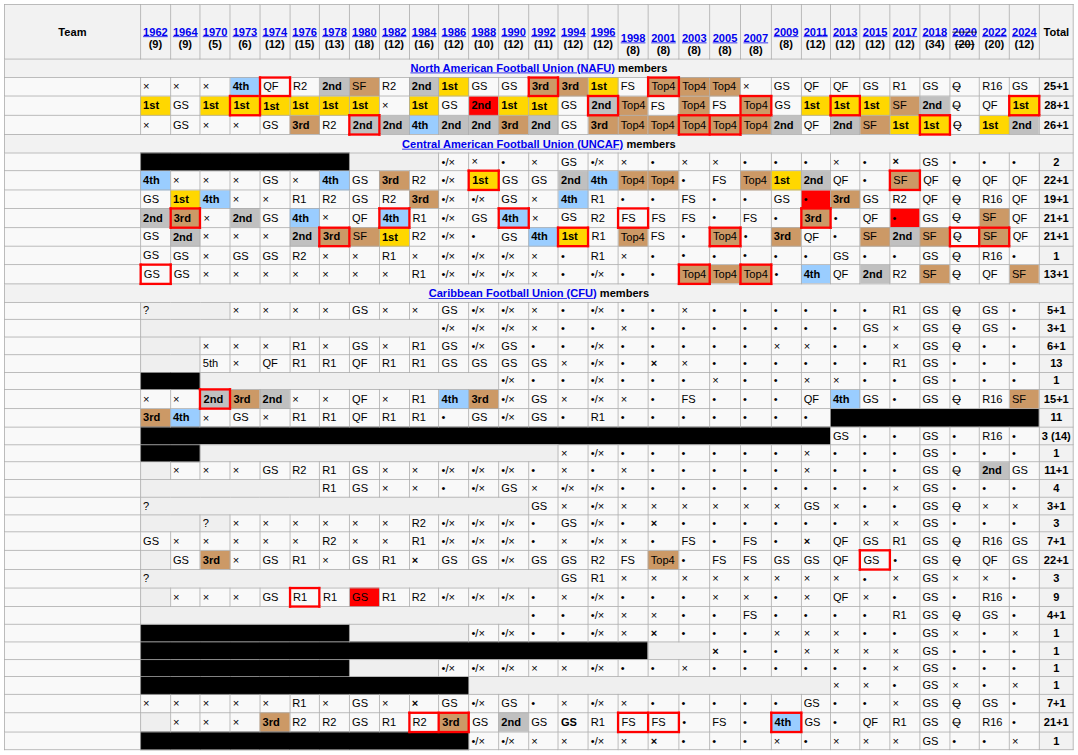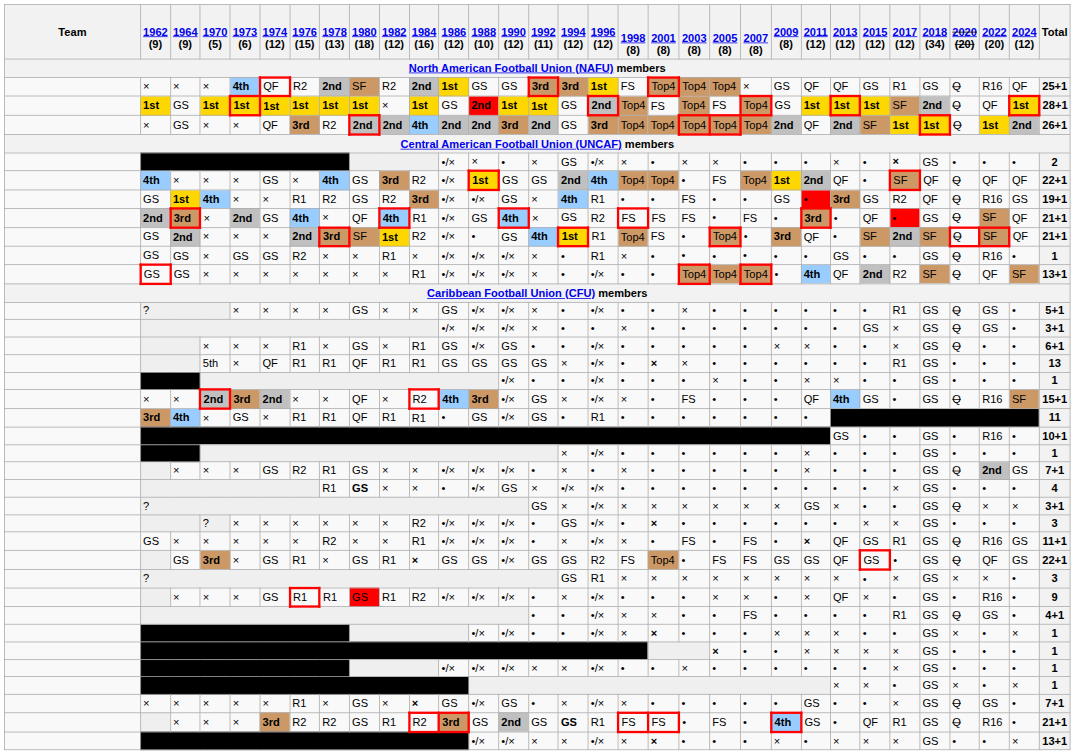 <table class="wikitable" style="font-size: 90%;">
 <tr>
 <th width=170>Team</th>
 <th><br><a href='#'>1962</a><br>(9)</th>
 <th><br><a href='#'>1964</a><br>(9)</th>
 <th><br><a href='#'>1970</a><br>(5)</th>
 <th><br><a href='#'>1973</a><br>(6)</th>
 <th><br><a href='#'>1974</a><br>(12)</th>
 <th><br><a href='#'>1976</a><br>(15)</th>
 <th><br><a href='#'>1978</a><br>(13)</th>
 <th><br><a href='#'>1980</a><br>(18)</th>
 <th><br><a href='#'>1982</a><br>(12)</th>
 <th><br><a href='#'>1984</a><br>(16)</th>
 <th><br><a href='#'>1986</a><br>(12)</th>
 <th><br><a href='#'>1988</a><br>(10)</th>
 <th><br><a href='#'>1990</a><br>(12)</th>
 <th><br><a href='#'>1992</a><br>(11)</th>
 <th><br><a href='#'>1994</a><br>(12)</th>
 <th><br><a href='#'>1996</a><br>(12)</th>
 <th><br><br><a href='#'>1998</a><br>(8)</th>
 <th><br><br><a href='#'>2001</a><br>(8)</th>
 <th><br><br><a href='#'>2003</a><br>(8)</th>
 <th><br><br><a href='#'>2005</a><br>(8)</th>
 <th><br><br><a href='#'>2007</a><br>(8)</th>
 <th><br><a href='#'>2009</a><br>(8)</th>
 <th><br><a href='#'>2011</a><br>(12)</th>
 <th><br><a href='#'>2013</a><br>(12)</th>
 <th><br><a href='#'>2015</a><br>(12)</th>
 <th><br><a href='#'>2017</a><br>(12)</th>
 <th><br><a href='#'>2018</a><br>(34)</th>
 <th><br><s><a href='#'>2020</a></s><br><s>(20)</s></th>
 <th><br><a href='#'>2022</a><br>(20)</th>
 <th><br><a href='#'>2024</a><br>(12)</th>
 <th>Total</th>
 </tr>
 <tr>
 <th id=NAFU colspan=32><a href='#'>North American Football Union (NAFU)</a> members</th>
 </tr>
 <tr>
 <td align=left></td>
 <td>×</td>
 <td>×</td>
 <td>×</td>
 <td bgcolor=9acdff><strong>4th</strong></td>
 <td style="border: 3px solid red">QF</td>
 <td>R2</td>
 <td bgcolor=silver><strong>2nd</strong></td>
 <td bgcolor=cc9966>SF</td>
 <td>R2</td>
 <td bgcolor=silver><strong>2nd</strong></td>
 <td bgcolor=gold><strong>1st</strong></td>
 <td>GS</td>
 <td>GS</td>
 <td style="border: 3px solid red"  bgcolor=cc9966><strong>3rd</strong></td>
 <td bgcolor=cc9966><strong>3rd</strong></td>
 <td bgcolor=gold><strong>1st</strong></td>
 <td>FS</td>
 <td style="border: 3px solid red"  bgcolor=cc9966>Top4</td>
 <td bgcolor=cc9966>Top4</td>
 <td bgcolor=cc9966>Top4</td>
 <td>×</td>
 <td>GS</td>
 <td>QF</td>
 <td>QF</td>
 <td>GS</td>
 <td>R1</td>
 <td>GS</td>
 <td><s>Q</s></td>
 <td>R16</td>
-<td>GS</td>
+<td>QF</td>
 <th>25+1</th>
 </tr>
 <tr>
 <td align=left></td>
 <td bgcolor=gold><strong>1st</strong></td>
 <td>GS</td>
 <td bgcolor=gold><strong>1st</strong></td>
 <td style="border: 3px solid red" bgcolor=gold><strong>1st</strong></td>
 <td bgcolor=gold><strong>1st</strong></td>
 <td bgcolor=gold><strong>1st</strong></td>
 <td bgcolor=gold><strong>1st</strong></td>
 <td bgcolor=gold><strong>1st</strong></td>
 <td>×</td>
 <td bgcolor=gold><strong>1st</strong></td>
 <td>GS</td>
 <td bgcolor=red><strong>2nd</strong></td>
 <td bgcolor=gold><strong>1st</strong></td>
 <td bgcolor=gold><strong>1st</strong></td>
 <td>GS</td>
 <td style="border: 3px solid red" bgcolor=silver><strong>2nd</strong></td>
 <td bgcolor=cc9966>Top4</td>
 <td>FS</td>
 <td bgcolor=cc9966>Top4</td>
 <td>FS</td>
 <td style="border: 3px solid red" bgcolor=cc9966>Top4</td>
 <td>GS</td>
 <td bgcolor=gold><strong>1st</strong></td>
 <td style="border: 3px solid red"  bgcolor=gold><strong>1st</strong></td>
 <td bgcolor=gold><strong>1st</strong></td>
 <td bgcolor=cc9966>SF</td>
 <td bgcolor=silver><strong>2nd</strong></td>
 <td><s>Q</s></td>
 <td>QF</td>
 <td style="border: 3px solid red" bgcolor=gold><strong>1st</strong></td>
 <th>28+1</th>
 </tr>
 <tr>
 <td align=left></td>
 <td>×</td>
 <td>GS</td>
 <td>×</td>
 <td>×</td>
-<td>GS</td>
+<td>QF</td>
 <td bgcolor=cc9966><strong>3rd</strong></td>
 <td>R2</td>
 <td style="border: 3px solid red" bgcolor=silver><strong>2nd</strong></td>
 <td bgcolor=silver><strong>2nd</strong></td>
 <td bgcolor=9acdff><strong>4th</strong></td>
 <td bgcolor=silver><strong>2nd</strong></td>
 <td bgcolor=silver><strong>2nd</strong></td>
 <td bgcolor=cc9966><strong>3rd</strong></td>
 <td bgcolor=silver><strong>2nd</strong></td>
 <td>GS</td>
 <td bgcolor=cc9966><strong>3rd</strong></td>
 <td bgcolor=cc9966>Top4</td>
 <td bgcolor=cc9966>Top4</td>
 <td style="border: 3px solid red" bgcolor=cc9966>Top4</td>
 <td style="border: 3px solid red" bgcolor=cc9966>Top4</td>
 <td bgcolor=cc9966>Top4</td>
 <td bgcolor=silver><strong>2nd</strong></td>
 <td>QF</td>
 <td bgcolor=silver><strong>2nd</strong></td>
 <td bgcolor=cc9966>SF</td>
 <td bgcolor=gold><strong>1st</strong></td>
 <td style="border: 3px solid red" bgcolor=gold><strong>1st</strong></td>
 <td><s>Q</s></td>
 <td bgcolor=gold><strong>1st</strong></td>
 <td bgcolor=silver><strong>2nd</strong></td>
 <th>26+1</th>
 </tr>
 <tr>
 <th id=UNCAF colspan=32><a href='#'>Central American Football Union (UNCAF)</a> members</th>
 </tr>
 <tr>
 <td align=left></td>
 <td colspan=7 bgcolor=black></td>
 <td colspan=3 bgcolor=efefef></td>
 <td>•/×</td>
 <td>×</td>
 <td>•</td>
 <td>×</td>
 <td>GS</td>
 <td>•/×</td>
 <td>×</td>
 <td>•</td>
 <td>×</td>
 <td>×</td>
 <td>•</td>
 <td>•</td>
 <td>•</td>
 <td>×</td>
 <td>•</td>
 <td><strong>×</strong></td>
 <td>GS</td>
 <td>•</td>
 <td>•</td>
 <td>•</td>
 <th>2</th>
 </tr>
 <tr>
 <td align=left></td>
 <td bgcolor=9acdff><strong>4th</strong></td>
 <td>×</td>
 <td>×</td>
 <td>×</td>
 <td>GS</td>
 <td>×</td>
 <td bgcolor=9acdff><strong>4th</strong></td>
 <td>GS</td>
 <td bgcolor=cc9966><strong>3rd</strong></td>
 <td>R2</td>
 <td>•/×</td>
 <td style="border: 3px solid red" bgcolor=gold><strong>1st</strong></td>
 <td>GS</td>
 <td>GS</td>
 <td bgcolor=silver><strong>2nd</strong></td>
 <td bgcolor=9acdff><strong>4th</strong></td>
 <td bgcolor=cc9966>Top4</td>
 <td bgcolor=cc9966>Top4</td>
 <td>•</td>
 <td>FS</td>
 <td bgcolor=cc9966>Top4</td>
 <td bgcolor=gold><strong>1st</strong></td>
 <td bgcolor=silver><strong>2nd</strong></td>
 <td>QF</td>
 <td>•</td>
 <td style="border: 3px solid red" bgcolor=cc9966>SF</td>
 <td>QF</td>
 <td><s>Q</s></td>
 <td>QF</td>
 <td>QF</td>
 <th>22+1</th>
 </tr>
 <tr>
 <td align=left></td>
 <td>GS</td>
 <td bgcolor=gold><strong>1st</strong></td>
 <td bgcolor=9acdff><strong>4th</strong></td>
 <td>×</td>
 <td>×</td>
 <td>R1</td>
 <td>R2</td>
 <td>GS</td>
 <td>R2</td>
 <td bgcolor=cc9966><strong>3rd</strong></td>
 <td>•/×</td>
 <td>•/×</td>
 <td>GS</td>
 <td>×</td>
 <td bgcolor=9acdff><strong>4th</strong></td>
 <td>R1</td>
 <td>•</td>
 <td>•</td>
 <td>FS</td>
 <td>•</td>
 <td>•</td>
 <td>GS</td>
 <td bgcolor=red>•</td>
 <td bgcolor=cc9966><strong>3rd</strong></td>
 <td>GS</td>
 <td>R2</td>
 <td>QF</td>
 <td><s>Q</s></td>
 <td>R16</td>
-<td>QF</td>
+<td>GS</td>
 <th>19+1</th>
 </tr>
 <tr>
 <td align=left></td>
 <td bgcolor=silver><strong>2nd</strong></td>
 <td style="border: 3px solid red" bgcolor=cc9966><strong>3rd</strong></td>
 <td>×</td>
 <td bgcolor=silver><strong>2nd</strong></td>
 <td>GS</td>
 <td bgcolor=9acdff><strong>4th</strong></td>
 <td>×</td>
 <td>QF</td>
 <td style="border: 3px solid red" bgcolor=9acdff><strong>4th</strong></td>
 <td>R1</td>
 <td>•/×</td>
 <td>GS</td>
 <td style="border: 3px solid red" bgcolor=9acdff><strong>4th</strong></td>
 <td>×</td>
 <td>GS</td>
 <td>R2</td>
 <td style="border: 3px solid red">FS</td>
 <td>FS</td>
 <td>FS</td>
 <td>•</td>
 <td>FS</td>
 <td>•</td>
 <td style="border: 3px solid red" bgcolor=cc9966><strong>3rd</strong></td>
 <td>•</td>
 <td>QF</td>
 <td bgcolor=red>•</td>
 <td>GS</td>
 <td><s>Q</s></td>
 <td bgcolor=cc9966>SF</td>
 <td>QF</td>
 <th>21+1</th>
 </tr>
 <tr>
 <td align=left></td>
 <td>GS</td>
 <td bgcolor=silver><strong>2nd</strong></td>
 <td>×</td>
 <td>×</td>
 <td>×</td>
 <td bgcolor=silver><strong>2nd</strong></td>
 <td style="border: 3px solid red" bgcolor=cc9966><strong>3rd</strong></td>
 <td bgcolor=cc9966>SF</td>
 <td bgcolor=gold><strong>1st</strong></td>
 <td>R2</td>
 <td>•/×</td>
 <td>•</td>
 <td>GS</td>
 <td bgcolor=9acdff><strong>4th</strong></td>
 <td style="border: 3px solid red" bgcolor=gold><strong>1st</strong></td>
 <td>R1</td>
 <td bgcolor=cc9966>Top4</td>
 <td>FS</td>
 <td>•</td>
 <td style="border: 3px solid red" bgcolor=cc9966>Top4</td>
 <td>•</td>
 <td bgcolor=cc9966><strong>3rd</strong></td>
 <td>QF</td>
 <td>•</td>
 <td bgcolor=cc9966>SF</td>
 <td bgcolor=silver><strong>2nd</strong></td>
 <td bgcolor=cc9966>SF</td>
 <td style="border: 3px solid red"><s>Q</s></td>
 <td style="border: 3px solid red" bgcolor=cc9966>SF</td>
 <td>QF</td>
 <th>21+1</th>
 </tr>
 <tr>
 <td align=left></td>
 <td>GS</td>
 <td>GS</td>
 <td>×</td>
 <td>GS</td>
 <td>GS</td>
 <td>R2</td>
 <td>×</td>
 <td>×</td>
 <td>R1</td>
 <td>×</td>
 <td>•/×</td>
 <td>•/×</td>
 <td>•/×</td>
 <td>×</td>
 <td>•</td>
 <td>R1</td>
 <td>×</td>
 <td>•</td>
 <td>•</td>
 <td>•</td>
 <td>•</td>
 <td>•</td>
 <td>•</td>
 <td>GS</td>
 <td>•</td>
 <td>•</td>
 <td>GS</td>
 <td><s>Q</s></td>
 <td>R16</td>
 <td>•</td>
 <th>1</th>
 </tr>
 <tr>
 <td align=left></td>
 <td style="border: 3px solid red">GS</td>
 <td>GS</td>
 <td>×</td>
 <td>×</td>
 <td>×</td>
 <td>×</td>
 <td>×</td>
 <td>×</td>
 <td>×</td>
 <td>R1</td>
 <td>•/×</td>
 <td>•/×</td>
 <td>•/×</td>
 <td>×</td>
 <td>•</td>
 <td>•/×</td>
 <td>•</td>
 <td>•</td>
 <td style="border: 3px solid red" bgcolor=cc9966>Top4</td>
 <td bgcolor=cc9966>Top4</td>
 <td style="border: 3px solid red" bgcolor=cc9966>Top4</td>
 <td>•</td>
 <td bgcolor=9acdff><strong>4th</strong></td>
 <td>QF</td>
 <td bgcolor=silver><strong>2nd</strong></td>
 <td>R2</td>
 <td bgcolor=cc9966>SF</td>
 <td><s>Q</s></td>
 <td>QF</td>
 <td bgcolor=cc9966>SF</td>
 <th>13+1</th>
 </tr>
 <tr>
 <th id=CFU colspan=32><a href='#'>Caribbean Football Union (CFU)</a> members</th>
 </tr>
 <tr>
 <td align=left></td>
 <td colspan=3 bgcolor=efefef>?</td>
 <td>×</td>
 <td>×</td>
 <td>×</td>
 <td>×</td>
 <td>GS</td>
 <td>×</td>
 <td>×</td>
 <td>GS</td>
 <td>•/×</td>
 <td>•/×</td>
 <td>×</td>
 <td>•</td>
 <td>•/×</td>
 <td>•</td>
 <td>•</td>
 <td>×</td>
 <td>•</td>
 <td>•</td>
 <td>•</td>
 <td>•</td>
 <td>•</td>
 <td>•</td>
 <td>R1</td>
 <td>GS</td>
 <td><s>Q</s></td>
 <td>GS</td>
 <td>•</td>
 <th>5+1</th>
 </tr>
 <tr>
 <td align=left></td>
 <td colspan=10 bgcolor=efefef></td>
 <td>•/×</td>
 <td>•/×</td>
 <td>•/×</td>
 <td>×</td>
 <td>•</td>
 <td>•</td>
 <td>×</td>
 <td>•</td>
 <td>•</td>
 <td>•</td>
 <td>•</td>
 <td>•</td>
 <td>•</td>
 <td>•</td>
 <td>GS</td>
 <td>×</td>
 <td>GS</td>
 <td><s>Q</s></td>
 <td>GS</td>
 <td>•</td>
 <th>3+1</th>
 </tr>
 <tr>
 <td align=left></td>
 <td colspan=2 bgcolor=efefef></td>
 <td>×</td>
 <td>×</td>
 <td>×</td>
 <td>R1</td>
 <td>×</td>
 <td>GS</td>
 <td>×</td>
 <td>R1</td>
 <td>GS</td>
 <td>•/×</td>
 <td>GS</td>
 <td>•</td>
 <td>•</td>
 <td>•/×</td>
 <td>•</td>
 <td>•</td>
 <td>•</td>
 <td>•</td>
 <td>•</td>
 <td>×</td>
 <td>×</td>
 <td>•</td>
 <td>•</td>
 <td>×</td>
 <td>GS</td>
 <td><s>Q</s></td>
 <td>•</td>
 <td>•</td>
 <th>6+1</th>
 </tr>
 <tr>
 <td align=left></td>
 <td colspan=2 bgcolor=efefef></td>
 <td>5th</td>
 <td>×</td>
 <td>QF</td>
 <td>R1</td>
 <td>R1</td>
 <td>QF</td>
 <td>R1</td>
 <td>R1</td>
 <td>GS</td>
 <td>GS</td>
 <td>GS</td>
 <td>GS</td>
 <td>×</td>
 <td>•/×</td>
 <td>•</td>
 <td><strong>×</strong></td>
 <td>×</td>
 <td>•</td>
 <td>•</td>
 <td>•</td>
 <td>•</td>
 <td>•</td>
 <td>•</td>
 <td>R1</td>
 <td>GS</td>
 <td>•</td>
 <td>•</td>
 <td>•</td>
 <th>13</th>
 </tr>
 <tr>
 <td align=left></td>
 <td colspan=2 bgcolor=black></td>
 <td colspan=10 bgcolor=efefef></td>
 <td>•/×</td>
 <td>•</td>
 <td>•</td>
 <td>•/×</td>
 <td>•</td>
 <td>•</td>
 <td>•</td>
 <td>×</td>
 <td>•</td>
 <td>•</td>
 <td>×</td>
 <td>×</td>
 <td>•</td>
 <td>•</td>
 <td>GS</td>
 <td>•</td>
 <td>•</td>
 <td>•</td>
 <th>1</th>
 </tr>
 <tr>
 <td align=left></td>
 <td>×</td>
 <td>×</td>
 <td style="border: 3px solid red" bgcolor=silver><strong>2nd</strong></td>
 <td bgcolor=cc9966><strong>3rd</strong></td>
 <td bgcolor=silver><strong>2nd</strong></td>
 <td>×</td>
 <td>×</td>
 <td>QF</td>
 <td>×</td>
-<td>R1</td>
+<td style="border: 3px solid red">R2</td>
 <td bgcolor=9acdff><strong>4th</strong></td>
 <td bgcolor=cc9966><strong>3rd</strong></td>
 <td>•/×</td>
 <td>GS</td>
 <td>×</td>
 <td>•/×</td>
 <td>×</td>
 <td>•</td>
 <td>FS</td>
 <td>•</td>
 <td>•</td>
 <td>•</td>
 <td>QF</td>
 <td bgcolor=9acdff><strong>4th</strong></td>
 <td>GS</td>
 <td>•</td>
 <td>GS</td>
 <td><s>Q</s></td>
 <td>R16</td>
 <td bgcolor=cc9966>SF</td>
 <th>15+1</th>
 </tr>
 <tr>
 <td align=left></td>
 <td bgcolor=cc9966><strong>3rd</strong></td>
 <td bgcolor=9acdff><strong>4th</strong></td>
 <td>×</td>
 <td>GS</td>
 <td>×</td>
 <td>R1</td>
 <td>R1</td>
 <td>QF</td>
 <td>R1</td>
 <td>R1</td>
 <td>•</td>
 <td>GS</td>
 <td>•/×</td>
 <td>GS</td>
 <td>•</td>
 <td>R1</td>
 <td>•</td>
 <td>•</td>
 <td>•</td>
 <td>•</td>
 <td>•</td>
 <td>•</td>
 <td>•</td>
 <td colspan=7 bgcolor=black></td>
 <th>11</th>
 </tr>
 <tr>
 <td align=left></td>
 <td colspan=23 bgcolor=black></td>
 <td>GS</td>
 <td>•</td>
 <td>•</td>
 <td>GS</td>
 <td>•</td>
 <td>R16</td>
 <td>•</td>
-<th>3 (14)</th>
+<th>10+1</th>
 </tr>
 <tr>
 <td align=left></td>
 <td colspan=2 bgcolor=black></td>
 <td colspan=12 bgcolor=efefef></td>
 <td>×</td>
 <td>•/×</td>
 <td>•</td>
 <td>•</td>
 <td>•</td>
 <td>•</td>
 <td>•</td>
 <td>•</td>
 <td>×</td>
 <td>•</td>
 <td>•</td>
 <td>•</td>
 <td>GS</td>
 <td>•</td>
 <td>•</td>
 <td>•</td>
 <th>1</th>
 </tr>
 <tr>
 <td align=left></td>
 <td bgcolor=efefef></td>
 <td>×</td>
 <td>×</td>
 <td>×</td>
 <td>GS</td>
 <td>R2</td>
 <td>R1</td>
 <td>GS</td>
 <td>×</td>
 <td>×</td>
 <td>•/×</td>
 <td>•/×</td>
 <td>•/×</td>
 <td>•</td>
 <td>×</td>
 <td>•</td>
 <td>×</td>
 <td>•</td>
 <td>•</td>
 <td>•</td>
 <td>•</td>
 <td>•</td>
 <td>×</td>
 <td>•</td>
 <td>•</td>
 <td>•</td>
 <td>GS</td>
 <td><s>Q</s></td>
 <td bgcolor=silver><strong>2nd</strong></td>
 <td>GS</td>
-<th>11+1</th>
+<th>7+1</th>
 </tr>
 <tr>
 <td align=left></td>
 <td colspan=6 bgcolor=efefef></td>
 <td>R1</td>
-<td>GS</td>
+<td><strong>GS</strong></td>
 <td>×</td>
 <td>×</td>
 <td>•</td>
 <td>•/×</td>
 <td>GS</td>
 <td>×</td>
 <td>•/×</td>
 <td>•/×</td>
 <td>•</td>
 <td>•</td>
 <td>•</td>
 <td>•</td>
 <td>•</td>
 <td>•</td>
 <td>•</td>
 <td>•</td>
 <td>•</td>
 <td>×</td>
 <td>GS</td>
 <td>•</td>
 <td>•</td>
 <td>•</td>
 <th>4</th>
 </tr>
 <tr>
 <td align=left></td>
 <td colspan=13 bgcolor=efefef>?</td>
 <td>GS</td>
 <td>×</td>
 <td>•/×</td>
 <td>×</td>
 <td>×</td>
 <td>×</td>
 <td>×</td>
 <td>×</td>
 <td>×</td>
 <td>GS</td>
 <td>×</td>
 <td>•</td>
 <td>•</td>
 <td>GS</td>
 <td><s>Q</s></td>
 <td>×</td>
 <td>×</td>
 <th>3+1</th>
 </tr>
 <tr>
 <td align=left></td>
 <td colspan=2 bgcolor=efefef></td>
 <td colspan=1 bgcolor=efefef>?</td>
 <td>×</td>
 <td>×</td>
 <td>×</td>
 <td>×</td>
 <td>×</td>
 <td>×</td>
 <td>R2</td>
 <td>•/×</td>
 <td>•/×</td>
 <td>•/×</td>
 <td>•</td>
 <td>GS</td>
 <td>•/×</td>
 <td>•</td>
 <td><strong>×</strong></td>
 <td>•</td>
 <td>•</td>
 <td>•</td>
 <td>•</td>
 <td>•</td>
 <td>•</td>
 <td>×</td>
 <td>×</td>
 <td>GS</td>
 <td>•</td>
 <td>•</td>
 <td>•</td>
 <th>3</th>
 </tr>
 <tr>
 <td align=left></td>
 <td>GS</td>
 <td>×</td>
 <td>×</td>
 <td>×</td>
 <td>×</td>
 <td>×</td>
 <td>R2</td>
 <td>×</td>
 <td>×</td>
 <td>R1</td>
 <td>•/×</td>
 <td>•/×</td>
 <td>•/×</td>
 <td>•</td>
 <td>×</td>
 <td>•/×</td>
 <td>×</td>
 <td>•</td>
 <td>FS</td>
 <td>•</td>
 <td>FS</td>
 <td>•</td>
 <td><strong>×</strong></td>
 <td>QF</td>
 <td>GS</td>
 <td>R1</td>
 <td>GS</td>
 <td><s>Q</s></td>
 <td>R16</td>
 <td>GS</td>
-<th>7+1</th>
+<th>11+1</th>
 </tr>
 <tr>
 <td align=left></td>
 <td bgcolor=efefef></td>
 <td>GS</td>
 <td bgcolor=cc9966><strong>3rd</strong></td>
 <td>×</td>
 <td>GS</td>
 <td>R1</td>
 <td>×</td>
 <td>GS</td>
 <td>R1</td>
 <td><strong>×</strong></td>
 <td>GS</td>
 <td>GS</td>
 <td>•/×</td>
 <td>GS</td>
 <td>GS</td>
 <td>R2</td>
 <td>FS</td>
 <td bgcolor=cc9966>Top4</td>
 <td>•</td>
 <td>FS</td>
 <td>FS</td>
 <td>GS</td>
 <td>GS</td>
 <td>QF</td>
 <td style="border: 3px solid red">GS</td>
 <td>•</td>
 <td>GS</td>
 <td><s>Q</s></td>
 <td>QF</td>
 <td>GS</td>
 <th>22+1</th>
 </tr>
 <tr>
 <td align=left></td>
 <td colspan=14 bgcolor=efefef>?</td>
 <td>GS</td>
 <td>R1</td>
 <td>×</td>
 <td>×</td>
 <td>×</td>
 <td>×</td>
 <td>×</td>
 <td>×</td>
 <td>×</td>
 <td>×</td>
 <td>•</td>
 <td>×</td>
 <td>GS</td>
 <td>×</td>
 <td>×</td>
 <td>•</td>
 <th>3</th>
 </tr>
 <tr>
 <td align=left></td>
 <td bgcolor=efefef></td>
 <td>×</td>
 <td>×</td>
 <td>×</td>
 <td>GS</td>
 <td style="border: 3px solid red">R1</td>
 <td>R1</td>
 <td bgcolor=red>GS</td>
 <td>R1</td>
 <td>R2</td>
 <td>•/×</td>
 <td>•/×</td>
 <td>•/×</td>
 <td>•</td>
 <td>×</td>
 <td>•/×</td>
 <td>•</td>
 <td>•</td>
 <td>•</td>
 <td>×</td>
 <td>×</td>
 <td>•</td>
 <td>×</td>
 <td>QF</td>
 <td>×</td>
 <td>•</td>
 <td>GS</td>
 <td>•</td>
 <td>R16</td>
 <td>•</td>
 <th>9</th>
 </tr>
 <tr>
 <td align=left></td>
 <td colspan=13 bgcolor=efefef></td>
 <td>•</td>
 <td>•</td>
 <td>•/×</td>
 <td>×</td>
 <td>×</td>
 <td>•</td>
 <td>•</td>
 <td>FS</td>
 <td>•</td>
 <td>•</td>
 <td>•</td>
 <td>•</td>
 <td>R1</td>
 <td>GS</td>
 <td><s>Q</s></td>
 <td>GS</td>
 <td>•</td>
 <th>4+1</th>
 </tr>
 <tr>
 <td align=left></td>
 <td colspan=7 bgcolor=black></td>
 <td colspan=4 bgcolor=efefef></td>
 <td>•/×</td>
 <td>•/×</td>
 <td>•</td>
 <td>•</td>
 <td>•/×</td>
 <td>×</td>
 <td><strong>×</strong></td>
 <td>•</td>
 <td>•</td>
 <td>•</td>
 <td>×</td>
 <td>×</td>
 <td>×</td>
 <td>•</td>
 <td>•</td>
 <td>GS</td>
 <td>×</td>
 <td>•</td>
 <td>×</td>
 <th>1</th>
 </tr>
 <tr>
 <td align=left></td>
 <td colspan=17 bgcolor=black></td>
 <td colspan=2 bgcolor=efefef></td>
 <td><strong>×</strong></td>
 <td>•</td>
 <td>•</td>
 <td>×</td>
 <td>×</td>
 <td>×</td>
 <td>×</td>
 <td>GS</td>
 <td>•</td>
 <td>•</td>
 <td>•</td>
 <th>1</th>
 </tr>
 <tr>
 <td align=left></td>
 <td colspan=7 bgcolor=black></td>
 <td colspan=3 bgcolor=efefef></td>
 <td>•/×</td>
 <td>•/×</td>
 <td>•/×</td>
 <td>×</td>
 <td>×</td>
 <td>•/×</td>
 <td>•</td>
 <td>•</td>
 <td>×</td>
 <td>•</td>
 <td>•</td>
 <td>•</td>
 <td>•</td>
 <td>•</td>
 <td>•</td>
 <td>×</td>
 <td>GS</td>
 <td>•</td>
 <td>•</td>
 <td>•</td>
 <th>1</th>
 </tr>
 <tr>
 <td align=left></td>
 <td colspan=11 bgcolor=black></td>
 <td colspan=12 bgcolor=efefef></td>
 <td>×</td>
 <td>×</td>
 <td>•</td>
 <td>GS</td>
 <td>×</td>
 <td>•</td>
 <td>×</td>
 <th>1</th>
 </tr>
 <tr>
 <td align=left></td>
 <td>×</td>
 <td>×</td>
 <td>×</td>
 <td>×</td>
 <td>×</td>
 <td>R1</td>
 <td>×</td>
 <td>GS</td>
 <td>×</td>
 <td><strong>×</strong></td>
 <td>GS</td>
 <td>•/×</td>
 <td>GS</td>
 <td>•</td>
 <td>×</td>
 <td>•/×</td>
 <td>×</td>
 <td>•</td>
 <td>•</td>
 <td>•</td>
 <td>•</td>
 <td>•</td>
 <td>GS</td>
 <td>•</td>
 <td>•</td>
 <td>×</td>
 <td>GS</td>
 <td><s>Q</s></td>
 <td>GS</td>
 <td>•</td>
 <th>7+1</th>
 </tr>
 <tr>
 <td align=left></td>
 <td bgcolor=efefef></td>
 <td>×</td>
 <td>×</td>
 <td>×</td>
 <td bgcolor=cc9966><strong>3rd</strong></td>
 <td>R2</td>
 <td>R2</td>
 <td>GS</td>
 <td>R1</td>
 <td style="border: 3px solid red">R2</td>
 <td style="border: 3px solid red"  bgcolor=cc9966><strong>3rd</strong></td>
 <td>GS</td>
 <td bgcolor=silver><strong>2nd</strong></td>
 <td>GS</td>
 <td><strong>GS</strong></td>
 <td>R1</td>
 <td style="border: 3px solid red">FS</td>
 <td style="border: 3px solid red">FS</td>
 <td>•</td>
 <td>FS</td>
 <td>•</td>
 <td style="border: 3px solid red"  bgcolor=9acdff><strong>4th</strong></td>
 <td>GS</td>
 <td>•</td>
 <td>QF</td>
 <td>R1</td>
 <td>GS</td>
 <td><s>Q</s></td>
 <td>R16</td>
 <td>•</td>
 <th>21+1</th>
 </tr>
 <tr>
 <td align=left></td>
 <td colspan=11 bgcolor=black></td>
 <td>•/×</td>
 <td>•/×</td>
 <td>×</td>
 <td>×</td>
 <td>•/×</td>
 <td>×</td>
 <td><strong>×</strong></td>
 <td>•</td>
 <td>•</td>
 <td>•</td>
 <td>×</td>
 <td>•</td>
 <td>×</td>
 <td>×</td>
 <td>×</td>
 <td>GS</td>
 <td>•</td>
 <td>•</td>
 <td>×</td>
-<th>1</th>
+<th>13+1</th>
 </tr>
 </table>
